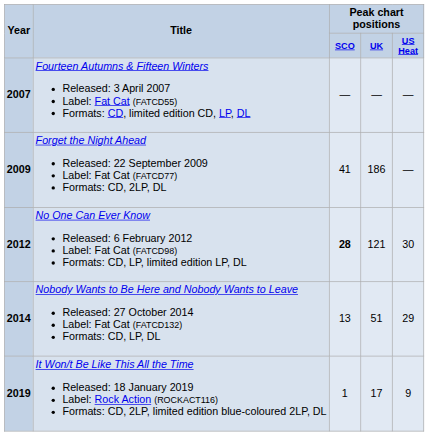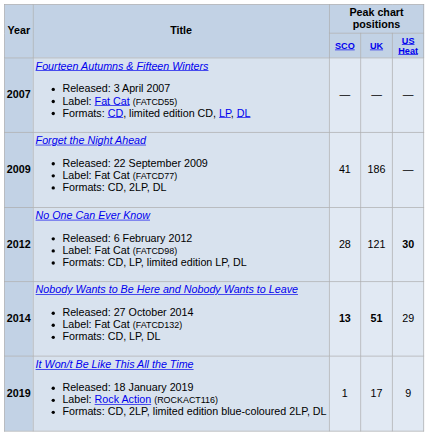 <table class="wikitable" style="text-align:center; background-color: #e1e9f3">
 <tr>
 <th rowspan="2" style="background: #c2d2e5">Year</th>
 <th rowspan="2" style="background: #c2d2e5">Title</th>
 <th colspan="3" style="background: #c2d2e5">Peak chart positions</th>
 </tr>
 <tr>
 <th scope="col" style="width:3em;font-size:85%;background:#c2d2e5"><a href='#'>SCO</a><br></th>
 <th scope="col" style="width:3em;font-size:85%;background:#c2d2e5"><a href='#'>UK</a><br></th>
 <th scope="col" style="width:3em;font-size:85%;background:#c2d2e5"><a href='#'>US<br>Heat</a><br></th>
 </tr>
 <tr>
 <td style="background: #c2d2e5"><strong>2007</strong></td>
 <td style="background: #d8e2ee" align="left"><em><a href='#'>Fourteen Autumns & Fifteen Winters</a></em><br><ul><li>Released: 3 April 2007</li><li>Label: <a href='#'>Fat Cat</a> <small>(FATCD55)</small></li><li>Formats: <a href='#'>CD</a>, limited edition CD, <a href='#'>LP</a>, <a href='#'>DL</a></li></ul></td>
 <td style="text-align:center;">—</td>
 <td style="text-align:center;">—</td>
 <td style="text-align:center;">—</td>
 </tr>
 <tr>
 <td style="background: #c2d2e5"><strong>2009</strong></td>
 <td style="background: #d8e2ee" align="left"><em><a href='#'>Forget the Night Ahead</a></em><br><ul><li>Released: 22 September 2009</li><li>Label: Fat Cat <small>(FATCD77)</small></li><li>Formats: CD, 2LP, DL</li></ul></td>
 <td style="text-align:center;">41</td>
 <td style="text-align:center;">186</td>
 <td style="text-align:center;">—</td>
 </tr>
 <tr>
 <td style="background: #c2d2e5"><strong>2012</strong></td>
 <td style="background: #d8e2ee" align="left"><em><a href='#'>No One Can Ever Know</a></em><br><ul><li>Released: 6 February 2012</li><li>Label: Fat Cat <small>(FATCD98)</small></li><li>Formats: CD, LP, limited edition LP, DL</li></ul></td>
-<td style="text-align:center;"><strong>28</strong></td>
+<td style="text-align:center;">28</td>
 <td style="text-align:center;">121</td>
-<td style="text-align:center;">30</td>
+<td style="text-align:center;"><strong>30</strong></td>
 </tr>
 <tr>
 <td style="background: #c2d2e5"><strong>2014</strong></td>
 <td style="background: #d8e2ee" align="left"><em><a href='#'>Nobody Wants to Be Here and Nobody Wants to Leave</a></em><br><ul><li>Released: 27 October 2014</li><li>Label: Fat Cat <small>(FATCD132)</small></li><li>Formats: CD, LP, DL</li></ul></td>
-<td style="text-align:center;">13</td>
-<td style="text-align:center;">51</td>
+<td style="text-align:center;"><strong>13</strong></td>
+<td style="text-align:center;"><strong>51</strong></td>
 <td style="text-align:center;">29</td>
 </tr>
 <tr>
 <td style="background: #c2d2e5"><strong>2019</strong></td>
 <td style="background: #d8e2ee" align="left"><em><a href='#'>It Won/t Be Like This All the Time</a></em><br><ul><li>Released: 18 January 2019</li><li>Label: <a href='#'>Rock Action</a> <small>(ROCKACT116)</small></li><li>Formats: CD, 2LP, limited edition blue-coloured 2LP, DL</li></ul></td>
 <td style="text-align:center;">1</td>
 <td style="text-align:center;">17</td>
 <td style="text-align:center;">9</td>
 </tr>
 </table>
